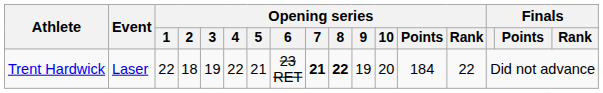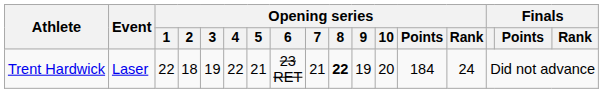 <table class=wikitable style=font-size:90%;text-align:center>
 <tr>
 <th rowspan=2>Athlete</th>
 <th rowspan=2>Event</th>
 <th colspan=12>Opening series</th>
 <th colspan=3>Finals</th>
 </tr>
 <tr style=font-size:95%>
 <th>1</th>
 <th>2</th>
 <th>3</th>
 <th>4</th>
 <th>5</th>
 <th>6</th>
 <th>7</th>
 <th>8</th>
 <th>9</th>
 <th>10</th>
 <th>Points</th>
 <th>Rank</th>
 <th></th>
 <th>Points</th>
 <th>Rank</th>
 </tr>
 <tr>
 <td align="left"><a href='#'>Trent Hardwick</a></td>
 <td align="left"><a href='#'>Laser</a></td>
 <td>22</td>
 <td>18</td>
 <td>19</td>
 <td>22</td>
 <td>21</td>
 <td><s>23<br>RET</s></td>
-<td><strong>21</strong></td>
+<td>21</td>
 <td><strong>22</strong></td>
 <td>19</td>
 <td>20</td>
 <td>184</td>
-<td>22</td>
+<td>24</td>
 <td colspan="3">Did not advance</td>
 </tr>
 </table>
